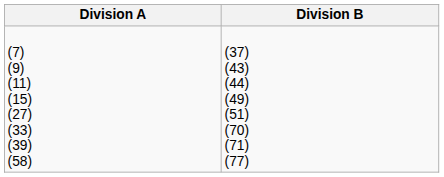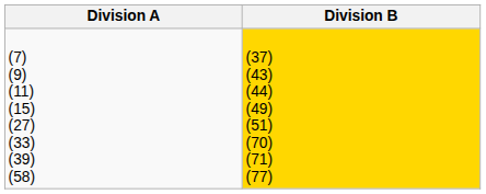 <table class="wikitable" width="40%">
 <tr>
 <th width="50%">Division A</th>
 <th width="50%">Division B</th>
 </tr>
 <tr>
 <td><br> (7)<br>   (9)<br>   (11)<br>   (15)<br>   (27)<br>   (33)<br>   (39)<br>   (58)<br></td>
-<td><br> (37)<br>    (43)<br>    (44)<br>   (49)<br>   (51)<br>   (70)<br>   (71)<br>   (77)<br></td>
+<td style="background: gold;"><br> (37)<br>    (43)<br>    (44)<br>   (49)<br>   (51)<br>   (70)<br>   (71)<br>   (77)<br></td>
 </tr>
 </table>
